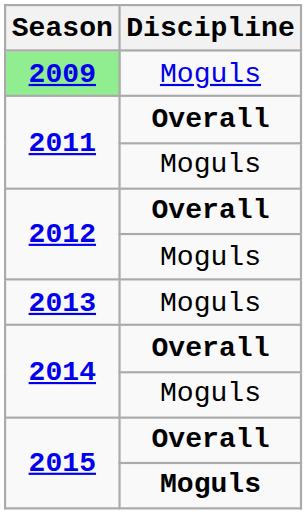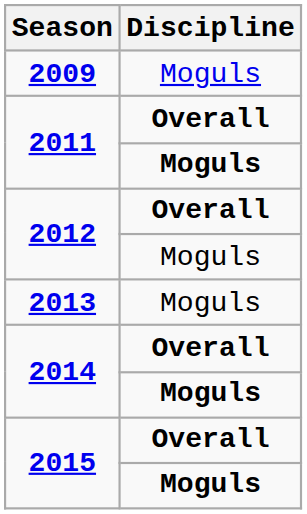 <table class="wikitable" style="text-align:center;">
 <tr>
 <th>Season</th>
 <th>Discipline</th>
 </tr>
 <tr>
-<td style="background: lightgreen;"><strong><a href='#'>2009</a></strong></td>
+<td><strong><a href='#'>2009</a></strong></td>
 <td><a href='#'>Moguls</a></td>
 </tr>
 <tr>
 <td rowspan=2><strong><a href='#'>2011</a></strong></td>
 <td><strong>Overall</strong></td>
 </tr>
 <tr>
-<td>Moguls</td>
+<td><strong>Moguls</strong></td>
 </tr>
 <tr>
 <td rowspan=2><strong><a href='#'>2012</a></strong></td>
 <td><strong>Overall</strong></td>
 </tr>
 <tr>
 <td>Moguls</td>
 </tr>
 <tr>
 <td><strong><a href='#'>2013</a></strong></td>
 <td>Moguls</td>
 </tr>
 <tr>
 <td rowspan=2><strong><a href='#'>2014</a></strong></td>
 <td><strong>Overall</strong></td>
 </tr>
 <tr>
-<td>Moguls</td>
+<td><strong>Moguls</strong></td>
 </tr>
 <tr>
 <td rowspan=2><strong><a href='#'>2015</a></strong></td>
 <td><strong>Overall</strong></td>
 </tr>
 <tr>
 <td><strong>Moguls</strong></td>
 </tr>
 </table>
